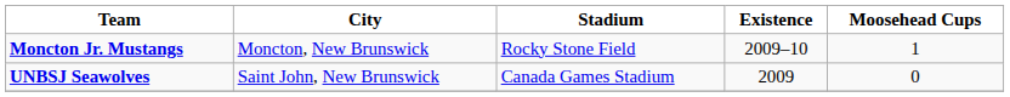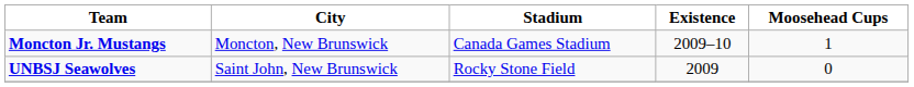 <table class="wikitable" style="width:70%; text-align:left">
 <tr>
 <th style="background:white;">Team</th>
 <th style="background:white;">City</th>
 <th style="background:white;">Stadium</th>
 <th style="background:white;">Existence</th>
 <th style="background:white;">Moosehead Cups</th>
 </tr>
 <tr>
 <td><strong><a href='#'>Moncton Jr. Mustangs</a></strong></td>
 <td><a href='#'>Moncton</a>, <a href='#'>New Brunswick</a></td>
-<td><a href='#'>Rocky Stone Field</a></td>
+<td><a href='#'>Canada Games Stadium</a></td>
 <td align=center>2009–10</td>
 <td align=center>1</td>
 </tr>
 <tr>
 <td><strong><a href='#'>UNBSJ Seawolves</a></strong></td>
 <td><a href='#'>Saint John</a>, <a href='#'>New Brunswick</a></td>
-<td><a href='#'>Canada Games Stadium</a></td>
+<td><a href='#'>Rocky Stone Field</a></td>
 <td align=center>2009</td>
 <td align=center>0</td>
 </tr>
 <tr>
 </tr>
 </table>
